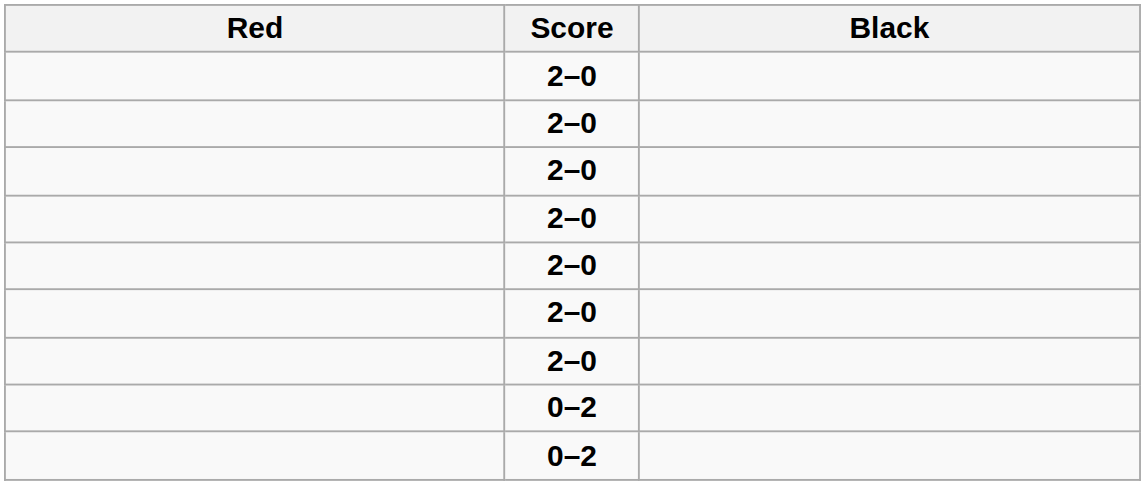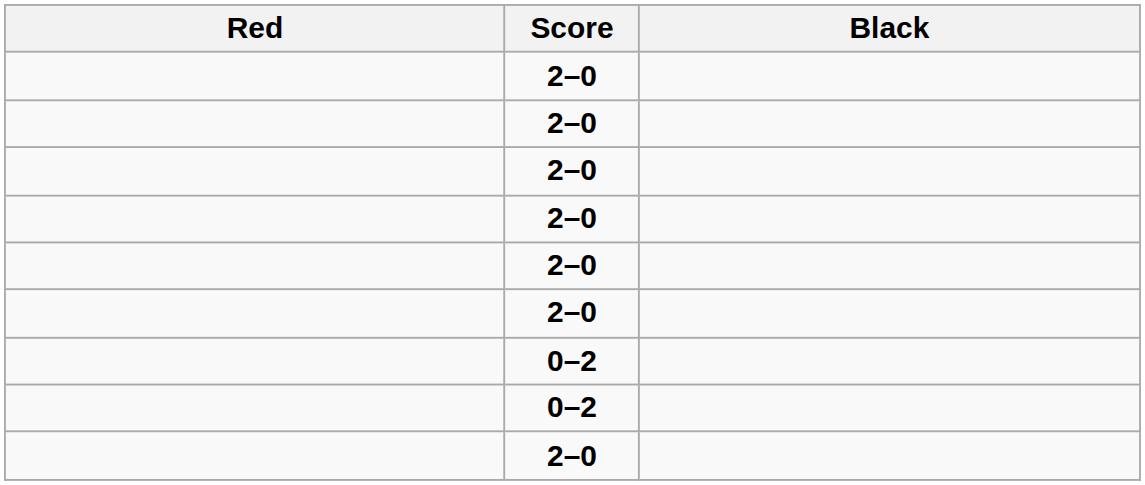 <table class="wikitable" style="text-align: center;">
 <tr>
 <th align="right" width="270">Red</th>
 <th width="65">Score</th>
 <th align="left" width="270">Black</th>
 </tr>
 <tr>
 <td align=left><strong></strong></td>
 <td align=center><strong>2–0</strong></td>
 <td align=left></td>
 </tr>
 <tr>
 <td align=left><strong></strong></td>
 <td align=center><strong>2–0</strong></td>
 <td align=left></td>
 </tr>
 <tr>
 <td align=left></td>
 <td align=center><strong>2–0</strong></td>
 <td align=left><strong></strong></td>
 </tr>
 <tr>
 <td align=left><strong></strong></td>
 <td align=center><strong>2–0</strong></td>
 <td align=left></td>
 </tr>
 <tr>
 <td align=left><strong></strong></td>
 <td align=center><strong>2–0</strong></td>
 <td align=left></td>
 </tr>
 <tr>
 <td align=left><strong></strong></td>
 <td align=center><strong>2–0</strong></td>
 <td align=left></td>
 </tr>
 <tr>
 <td align=left></td>
-<td align=center><strong>2–0</strong></td>
+<td align=center><strong>0–2</strong></td>
 <td align=left><strong></strong></td>
 </tr>
 <tr>
 <td align=left><strong></strong></td>
 <td align=center><strong>0–2</strong></td>
 <td align=left></td>
 </tr>
 <tr>
 <td align=left><strong></strong></td>
-<td align=center><strong>0–2</strong></td>
+<td align=center><strong>2–0</strong></td>
 <td align=left></td>
 </tr>
 </table>
